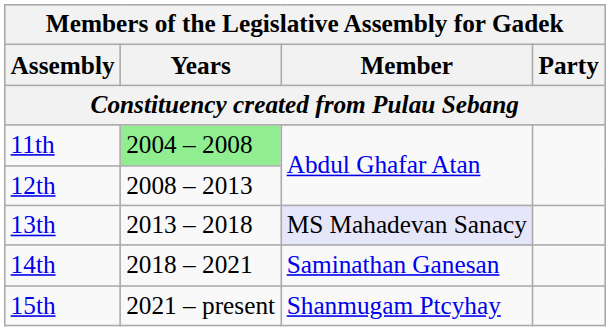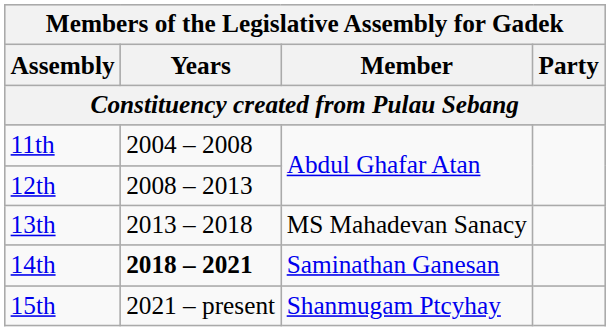 <table class=wikitable>
 <tr>
 <th colspan=4>Members of the Legislative Assembly for Gadek</th>
 </tr>
 <tr>
 <th>Assembly</th>
 <th>Years</th>
 <th>Member</th>
 <th>Party</th>
 </tr>
 <tr>
 <th colspan=4 align=center><em>Constituency created from Pulau Sebang</em></th>
 </tr>
 <tr>
 <td><a href='#'>11th</a></td>
-<td style="background: lightgreen;">2004 – 2008</td>
+<td>2004 – 2008</td>
 <td rowspan="2"><a href='#'>Abdul Ghafar Atan</a></td>
 <td rowspan="2"></td>
 </tr>
 <tr>
 <td><a href='#'>12th</a></td>
 <td>2008 – 2013</td>
 </tr>
 <tr>
 <td><a href='#'>13th</a></td>
 <td>2013 – 2018</td>
-<td style="background: lavender;">MS Mahadevan Sanacy</td>
+<td>MS Mahadevan Sanacy</td>
 <td></td>
 </tr>
 <tr>
 <td><a href='#'>14th</a></td>
-<td>2018 – 2021</td>
+<td><strong>2018 – 2021</strong></td>
 <td><a href='#'>Saminathan Ganesan</a></td>
 <td></td>
 </tr>
 <tr>
 <td><a href='#'>15th</a></td>
 <td>2021 – present</td>
 <td><a href='#'>Shanmugam Ptcyhay</a></td>
 <td></td>
 </tr>
 </table>
